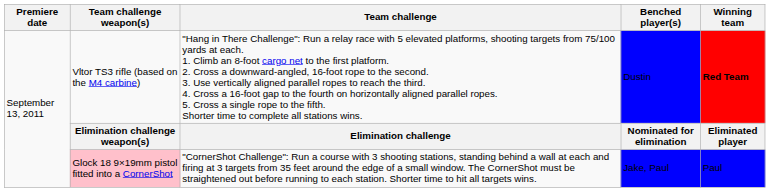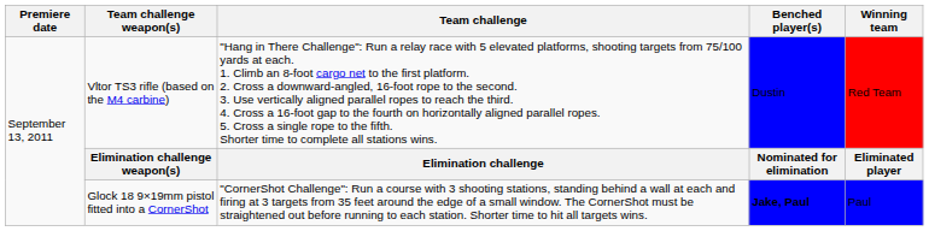 <table class="wikitable">
 <tr>
 <th>Premiere date</th>
 <th>Team challenge weapon(s)</th>
 <th>Team challenge</th>
 <th>Benched player(s)</th>
 <th>Winning team</th>
 </tr>
 <tr>
 <td rowspan="3">September 13, 2011</td>
 <td>Vltor TS3 rifle (based on the <a href='#'>M4 carbine</a>)</td>
 <td>"Hang in There Challenge": Run a relay race with 5 elevated platforms, shooting targets from 75/100 yards at each.<br>1. Climb an 8-foot <a href='#'>cargo net</a> to the first platform.<br>2. Cross a downward-angled, 16-foot rope to the second.<br>3. Use vertically aligned parallel ropes to reach the third.<br>4. Cross a 16-foot gap to the fourth on horizontally aligned parallel ropes.<br>5. Cross a single rope to the fifth.<br>Shorter time to complete all stations wins.</td>
 <td style="background:blue;"><span>Dustin</span></td>
-<td style="background:red;"><strong><span>Red Team</span></strong></td>
+<td style="background:red;"><span>Red Team</span></td>
 </tr>
 <tr>
 <th>Elimination challenge weapon(s)</th>
 <th>Elimination challenge</th>
 <th>Nominated for elimination</th>
 <th>Eliminated player</th>
 </tr>
 <tr>
-<td style="background: pink;">Glock 18 9×19mm pistol fitted into a <a href='#'>CornerShot</a></td>
+<td>Glock 18 9×19mm pistol fitted into a <a href='#'>CornerShot</a></td>
 <td>"CornerShot Challenge": Run a course with 3 shooting stations, standing behind a wall at each and firing at 3 targets from 35 feet around the edge of a small window. The CornerShot must be straightened out before running to each station. Shorter time to hit all targets wins.</td>
-<td style="background:blue;"><span>Jake, Paul</span></td>
+<td style="background:blue;"><strong><span>Jake, Paul</span></strong></td>
 <td style="background:blue;"><span>Paul</span></td>
 </tr>
 </table>
